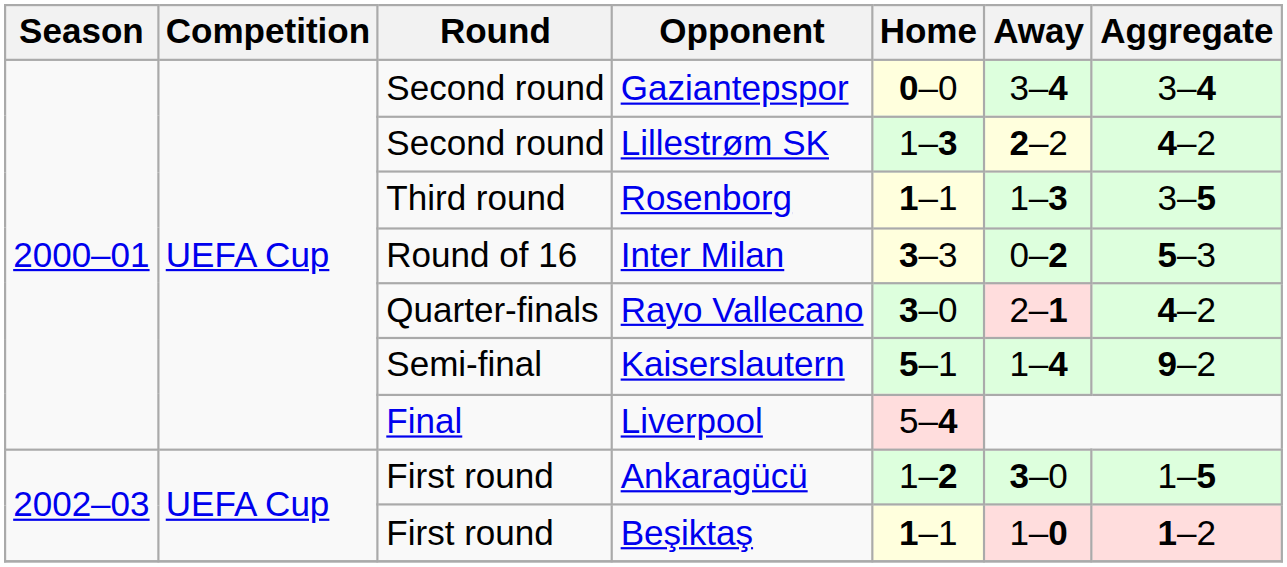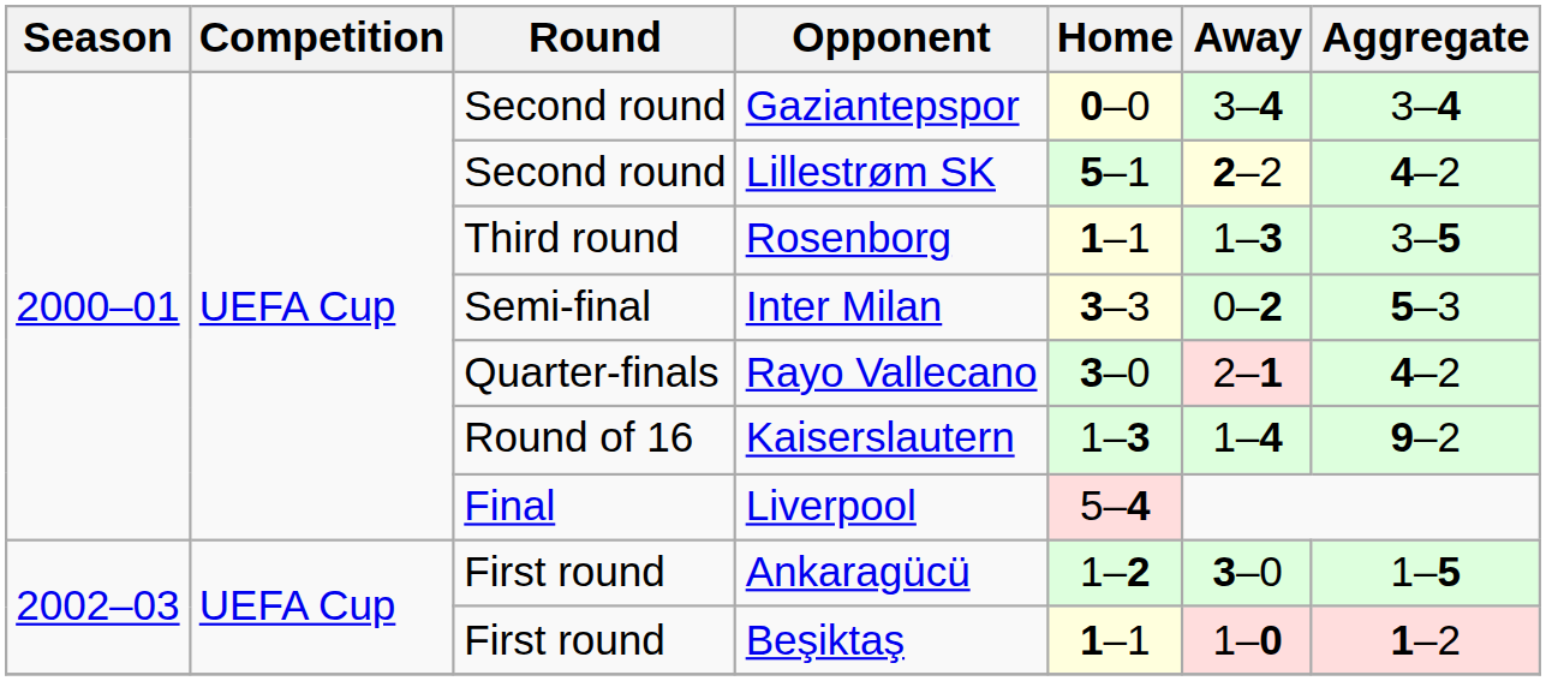 <table class="wikitable" style="text-align:left">
 <tr>
 <th>Season</th>
 <th>Competition</th>
 <th>Round</th>
 <th>Opponent</th>
 <th>Home</th>
 <th>Away</th>
 <th>Aggregate</th>
 </tr>
 <tr>
 <td rowspan=7><a href='#'>2000–01</a></td>
 <td rowspan=7><a href='#'>UEFA Cup</a></td>
 <td>Second round</td>
 <td> <a href='#'>Gaziantepspor</a></td>
 <td align=center bgcolor="#FFFFDD"><strong>0</strong>–0</td>
 <td align=center bgcolor="#ddffdd">3–<strong>4</strong></td>
 <td align=center bgcolor="#ddffdd">3–<strong>4</strong></td>
 </tr>
 <tr>
 <td>Second round</td>
 <td> <a href='#'>Lillestrøm SK</a></td>
-<td align=center bgcolor="#ddffdd">1–<strong>3</strong></td>
+<td align=center bgcolor="#ddffdd"><strong>5</strong>–1</td>
 <td align=center bgcolor="#FFFFDD"><strong>2</strong>–2</td>
 <td align=center bgcolor="#ddffdd"><strong>4</strong>–2</td>
 </tr>
 <tr>
 <td>Third round</td>
 <td> <a href='#'>Rosenborg</a></td>
 <td align=center bgcolor="#FFFFDD"><strong>1</strong>–1</td>
 <td align=center bgcolor="#ddffdd">1–<strong>3</strong></td>
 <td align=center bgcolor="#ddffdd">3–<strong>5</strong></td>
 </tr>
 <tr>
-<td>Round of 16</td>
+<td>Semi-final</td>
 <td> <a href='#'>Inter Milan</a></td>
 <td align=center bgcolor="#FFFFDD"><strong>3</strong>–3</td>
 <td align=center bgcolor="#ddffdd">0–<strong>2</strong></td>
 <td align=center bgcolor="#ddffdd"><strong>5</strong>–3</td>
 </tr>
 <tr>
 <td>Quarter-finals</td>
 <td> <a href='#'>Rayo Vallecano</a></td>
 <td align=center bgcolor="#ddffdd"><strong>3</strong>–0</td>
 <td align=center bgcolor="#ffdddd">2–<strong>1</strong></td>
 <td align=center bgcolor="#ddffdd"><strong>4</strong>–2</td>
 </tr>
 <tr>
-<td>Semi-final</td>
+<td>Round of 16</td>
 <td> <a href='#'>Kaiserslautern</a></td>
-<td align=center bgcolor="#ddffdd"><strong>5</strong>–1</td>
+<td align=center bgcolor="#ddffdd">1–<strong>3</strong></td>
 <td align=center bgcolor="#ddffdd">1–<strong>4</strong></td>
 <td align=center bgcolor="#ddffdd"><strong>9</strong>–2</td>
 </tr>
 <tr>
 <td><a href='#'>Final</a></td>
 <td> <a href='#'>Liverpool</a></td>
 <td align=center bgcolor="#ffdddd">5–<strong>4</strong></td>
 </tr>
 <tr>
 <td rowspan=2><a href='#'>2002–03</a></td>
 <td rowspan=2><a href='#'>UEFA Cup</a></td>
 <td>First round</td>
 <td> <a href='#'>Ankaragücü</a></td>
 <td align=center bgcolor="#ddffdd">1–<strong>2</strong></td>
 <td align=center bgcolor="#ddffdd"><strong>3</strong>–0</td>
 <td align=center bgcolor="#ddffdd">1–<strong>5</strong></td>
 </tr>
 <tr>
 <td>First round</td>
 <td> <a href='#'>Beşiktaş</a></td>
 <td align=center bgcolor="#FFFFDD"><strong>1</strong>–1</td>
 <td align=center bgcolor="#ffdddd">1–<strong>0</strong></td>
 <td align=center bgcolor="#ffdddd"><strong>1</strong>–2</td>
 </tr>
 <tr>
 </tr>
 </table>
